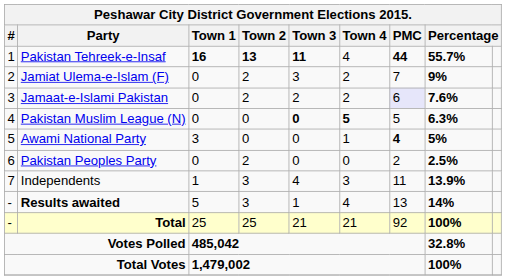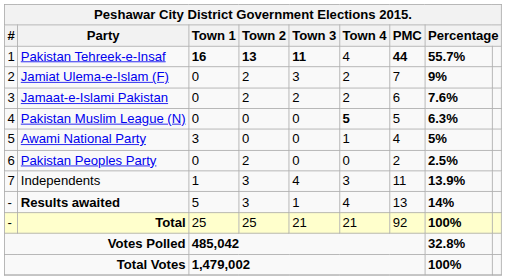 <table class="wikitable">
 <tr>
 <th colspan="9">Peshawar City District Government Elections 2015.</th>
 </tr>
 <tr>
 <th>#</th>
 <th>Party</th>
 <th>Town 1</th>
 <th>Town 2</th>
 <th>Town 3</th>
 <th>Town 4</th>
 <th>PMC</th>
 <th colspan="2">Percentage</th>
 </tr>
 <tr>
 <td>1</td>
 <td> <a href='#'>Pakistan Tehreek-e-Insaf</a></td>
 <td><strong>16</strong></td>
 <td><strong>13</strong></td>
 <td><strong>11</strong></td>
 <td>4</td>
 <td><strong>44</strong></td>
 <td><strong>55.7%</strong></td>
 <td></td>
 </tr>
 <tr>
 <td>2</td>
 <td> <a href='#'>Jamiat Ulema-e-Islam (F)</a></td>
 <td>0</td>
 <td>2</td>
 <td>3</td>
 <td>2</td>
 <td>7</td>
 <td><strong>9%</strong></td>
 <td></td>
 </tr>
 <tr>
 <td>3</td>
 <td> <a href='#'>Jamaat-e-Islami Pakistan</a></td>
 <td>0</td>
 <td>2</td>
 <td>2</td>
 <td>2</td>
-<td style="background: lavender;">6</td>
+<td>6</td>
 <td><strong>7.6%</strong></td>
 <td></td>
 </tr>
 <tr>
 <td>4</td>
 <td> <a href='#'>Pakistan Muslim League (N)</a></td>
 <td>0</td>
 <td>0</td>
-<td><strong>0</strong></td>
+<td>0</td>
 <td><strong>5</strong></td>
 <td>5</td>
 <td><strong>6.3%</strong></td>
 <td></td>
 </tr>
 <tr>
 <td>5</td>
 <td> <a href='#'>Awami National Party</a></td>
 <td>3</td>
 <td>0</td>
 <td>0</td>
 <td>1</td>
-<td><strong>4</strong></td>
+<td>4</td>
 <td><strong>5%</strong></td>
 <td></td>
 </tr>
 <tr>
 <td>6</td>
 <td> <a href='#'>Pakistan Peoples Party</a></td>
 <td>0</td>
 <td>2</td>
 <td>0</td>
 <td>0</td>
 <td>2</td>
 <td><strong>2.5%</strong></td>
 <td></td>
 </tr>
 <tr>
 <td>7</td>
 <td>Independents</td>
 <td>1</td>
 <td>3</td>
 <td>4</td>
 <td>3</td>
 <td>11</td>
 <td><strong>13.9%</strong></td>
 <td></td>
 </tr>
 <tr>
 <td>-</td>
 <td><strong>Results awaited</strong></td>
 <td>5</td>
 <td>3</td>
 <td>1</td>
 <td>4</td>
 <td>13</td>
 <td><strong>14%</strong></td>
 <td></td>
 </tr>
 <tr style="border: 1px solid black; background: #ffffcc;">
 <td>-</td>
 <td align=right><strong>Total</strong></td>
 <td>25</td>
 <td>25</td>
 <td>21</td>
 <td>21</td>
 <td>92</td>
 <td><strong>100%</strong></td>
 <td></td>
 </tr>
 <tr>
 <td colspan="2" align=right><strong>Votes Polled</strong></td>
 <td colspan="5"><strong>485,042</strong></td>
 <td><strong>32.8%</strong></td>
 <td></td>
 </tr>
 <tr>
 <td colspan="2" align=right><strong>Total Votes</strong></td>
 <td colspan="5"><strong>1,479,002</strong></td>
 <td><strong>100%</strong></td>
 <td></td>
 </tr>
 <tr>
 </tr>
 </table>
